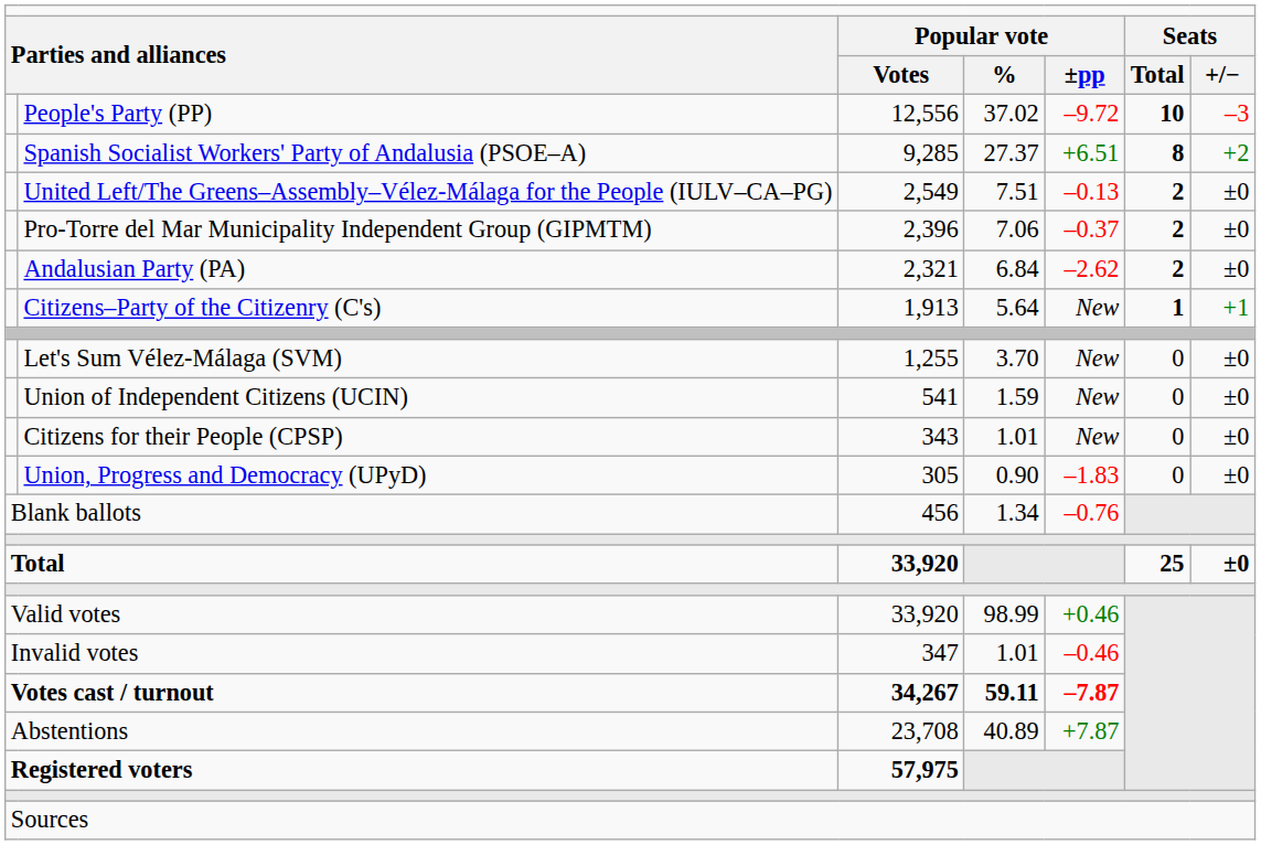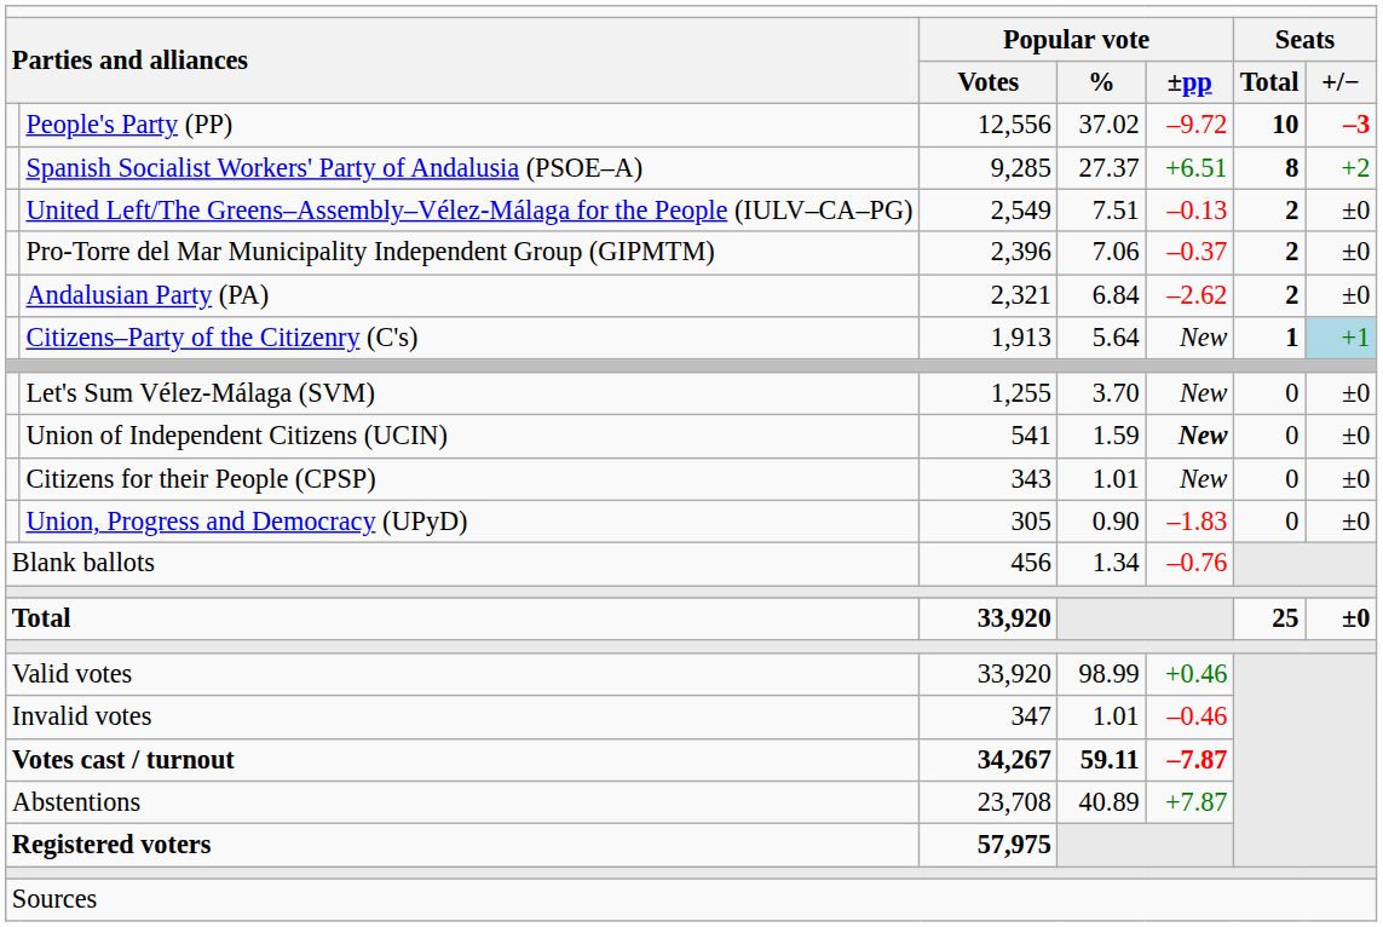 <table class="wikitable" style="text-align:right;">
 <tr>
 <td colspan="7"></td>
 </tr>
 <tr>
 <th style="text-align:left;" rowspan="2" colspan="2" width="525">Parties and alliances</th>
 <th colspan="3">Popular vote</th>
 <th colspan="2">Seats</th>
 </tr>
 <tr>
 <th width="75">Votes</th>
 <th width="45">%</th>
 <th width="45">±<a href='#'>pp</a></th>
 <th width="35">Total</th>
 <th width="35">+/−</th>
 </tr>
 <tr>
 <td width="1" style="color:inherit;background:"></td>
 <td align="left"><a href='#'>People's Party</a> (PP)</td>
 <td>12,556</td>
 <td>37.02</td>
 <td style="color:red;">–9.72</td>
 <td><strong>10</strong></td>
-<td style="color:red;">–3</td>
+<td style="color:red;"><strong>–3</strong></td>
 </tr>
 <tr>
 <td style="color:inherit;background:"></td>
 <td align="left"><a href='#'>Spanish Socialist Workers' Party of Andalusia</a> (PSOE–A)</td>
 <td>9,285</td>
 <td>27.37</td>
 <td style="color:green;">+6.51</td>
 <td><strong>8</strong></td>
 <td style="color:green;">+2</td>
 </tr>
 <tr>
 <td style="color:inherit;background:"></td>
 <td align="left"><a href='#'>United Left/The Greens–Assembly–Vélez-Málaga for the People</a> (IULV–CA–PG)</td>
 <td>2,549</td>
 <td>7.51</td>
 <td style="color:red;">–0.13</td>
 <td><strong>2</strong></td>
 <td>±0</td>
 </tr>
 <tr>
 <td style="color:inherit;background:"></td>
 <td align="left">Pro-Torre del Mar Municipality Independent Group (GIPMTM)</td>
 <td>2,396</td>
 <td>7.06</td>
 <td style="color:red;">–0.37</td>
 <td><strong>2</strong></td>
 <td>±0</td>
 </tr>
 <tr>
 <td style="color:inherit;background:"></td>
 <td align="left"><a href='#'>Andalusian Party</a> (PA)</td>
 <td>2,321</td>
 <td>6.84</td>
 <td style="color:red;">–2.62</td>
 <td><strong>2</strong></td>
 <td>±0</td>
 </tr>
 <tr>
 <td style="color:inherit;background:"></td>
 <td align="left"><a href='#'>Citizens–Party of the Citizenry</a> (C's)</td>
 <td>1,913</td>
 <td>5.64</td>
 <td><em>New</em></td>
 <td><strong>1</strong></td>
-<td style="color:green;">+1</td>
+<td style="background: lightblue; color:green;">+1</td>
 </tr>
 <tr>
 <td colspan="7" bgcolor="#C0C0C0"></td>
 </tr>
 <tr>
 <td style="color:inherit;background:"></td>
 <td align="left">Let's Sum Vélez-Málaga (SVM)</td>
 <td>1,255</td>
 <td>3.70</td>
 <td><em>New</em></td>
 <td>0</td>
 <td>±0</td>
 </tr>
 <tr>
 <td style="color:inherit;background:"></td>
 <td align="left">Union of Independent Citizens (UCIN)</td>
 <td>541</td>
 <td>1.59</td>
-<td><em>New</em></td>
+<td><strong><em>New</em></strong></td>
 <td>0</td>
 <td>±0</td>
 </tr>
 <tr>
 <td style="color:inherit;background:"></td>
 <td align="left">Citizens for their People (CPSP)</td>
 <td>343</td>
 <td>1.01</td>
 <td><em>New</em></td>
 <td>0</td>
 <td>±0</td>
 </tr>
 <tr>
 <td style="color:inherit;background:"></td>
 <td align="left"><a href='#'>Union, Progress and Democracy</a> (UPyD)</td>
 <td>305</td>
 <td>0.90</td>
 <td style="color:red;">–1.83</td>
 <td>0</td>
 <td>±0</td>
 </tr>
 <tr>
 <td align="left" colspan="2">Blank ballots</td>
 <td>456</td>
 <td>1.34</td>
 <td style="color:red;">–0.76</td>
 <td bgcolor="#E9E9E9" colspan="2"></td>
 </tr>
 <tr>
 <td colspan="7" bgcolor="#E9E9E9"></td>
 </tr>
 <tr style="font-weight:bold;">
 <td align="left" colspan="2">Total</td>
 <td>33,920</td>
 <td bgcolor="#E9E9E9" colspan="2"></td>
 <td>25</td>
 <td>±0</td>
 </tr>
 <tr>
 <td colspan="7" bgcolor="#E9E9E9"></td>
 </tr>
 <tr>
 <td align="left" colspan="2">Valid votes</td>
 <td>33,920</td>
 <td>98.99</td>
 <td style="color:green;">+0.46</td>
 <td bgcolor="#E9E9E9" colspan="2" rowspan="5"></td>
 </tr>
 <tr>
 <td align="left" colspan="2">Invalid votes</td>
 <td>347</td>
 <td>1.01</td>
 <td style="color:red;">–0.46</td>
 </tr>
 <tr style="font-weight:bold;">
 <td align="left" colspan="2">Votes cast / turnout</td>
 <td>34,267</td>
 <td>59.11</td>
 <td style="color:red;">–7.87</td>
 </tr>
 <tr>
 <td align="left" colspan="2">Abstentions</td>
 <td>23,708</td>
 <td>40.89</td>
 <td style="color:green;">+7.87</td>
 </tr>
 <tr style="font-weight:bold;">
 <td align="left" colspan="2">Registered voters</td>
 <td>57,975</td>
 <td bgcolor="#E9E9E9" colspan="2"></td>
 </tr>
 <tr>
 <td colspan="7" bgcolor="#E9E9E9"></td>
 </tr>
 <tr>
 <td align="left" colspan="7">Sources</td>
 </tr>
 </table>
